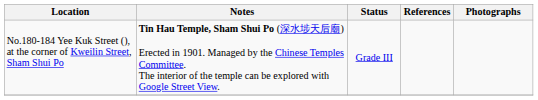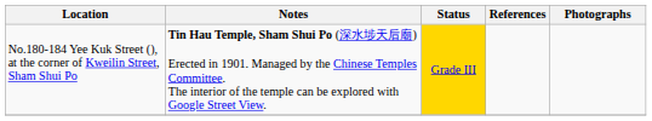 <table class="wikitable sortable" style="width:95%">
 <tr>
 <th width="25%">Location</th>
 <th !width="40%">Notes</th>
 <th width="10%">Status</th>
 <th width="10%">References</th>
 <th width="15%">Photographs</th>
 </tr>
 <tr>
 <td>No.180-184 Yee Kuk Street (), at the corner of <a href='#'>Kweilin Street</a>, <a href='#'>Sham Shui Po</a><br><br></td>
 <td><strong>Tin Hau Temple, Sham Shui Po</strong> (<a href='#'>深水埗天后廟</a>)<br><br>Erected in 1901. Managed by the <a href='#'>Chinese Temples Committee</a>.<br> The interior of the temple can be explored with <a href='#'>Google Street View</a>.</td>
-<td style="text-align:center"><a href='#'>Grade III</a></td>
+<td style="background: gold; text-align:center"><a href='#'>Grade III</a></td>
 <td>    </td>
 <td></td>
 </tr>
 <tr>
 </tr>
 </table>
